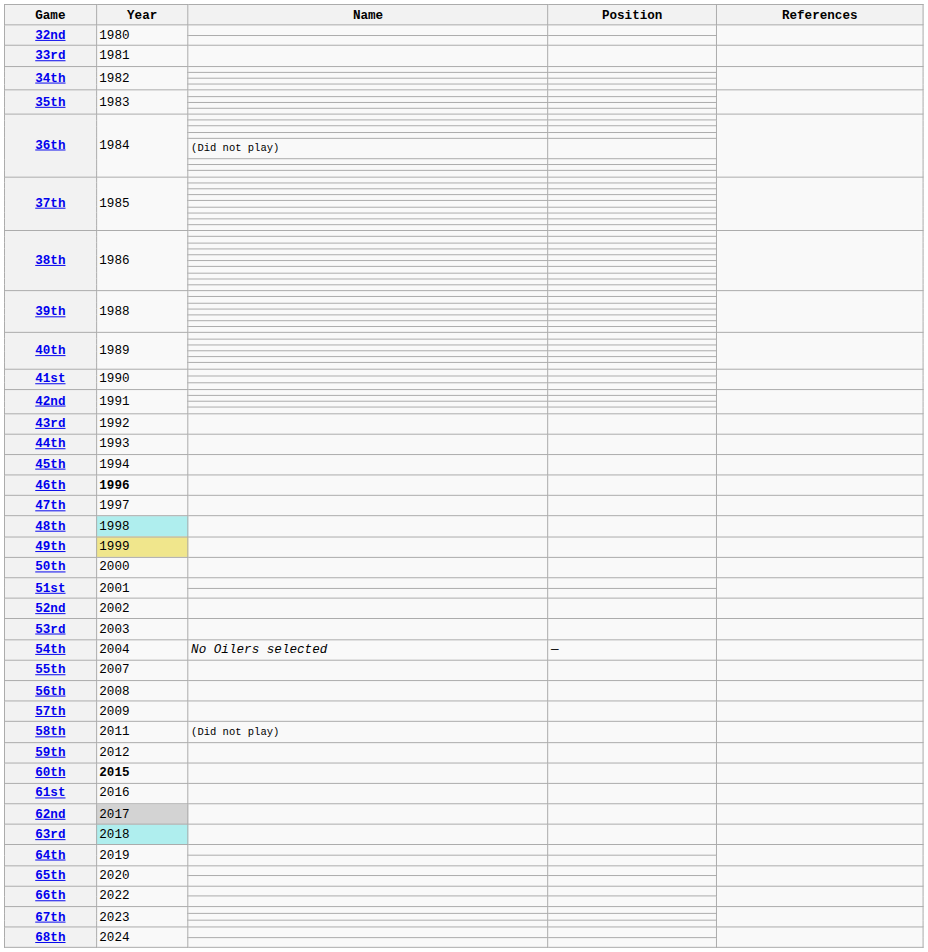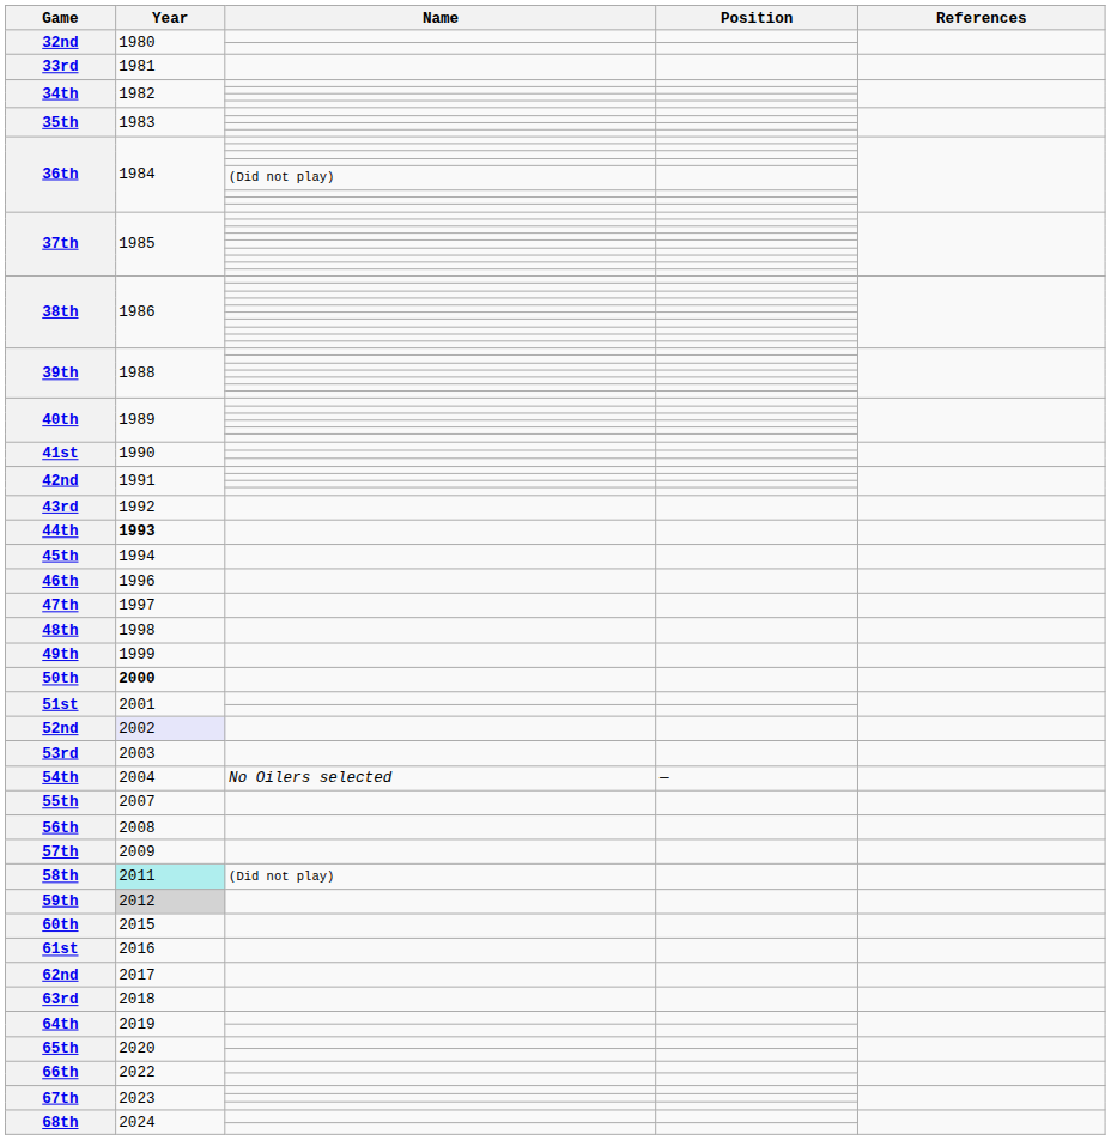 <table class="wikitable sortable" width="75%">
 <tr>
 <th scope="col">Game</th>
 <th scope="col">Year</th>
 <th scope="col">Name</th>
 <th scope="col">Position</th>
 <th scope="col" class="unsortable">References</th>
 </tr>
 <tr>
 <th scope="row" rowspan="2"><a href='#'>32nd</a></th>
 <td rowspan="2">1980</td>
 <td></td>
 <td></td>
 <td rowspan="2"></td>
 </tr>
 <tr>
 <td></td>
 <td></td>
 </tr>
 <tr>
 <th scope="row"><a href='#'>33rd</a></th>
 <td>1981</td>
 <td></td>
 <td></td>
 <td></td>
 </tr>
 <tr>
 <th scope="row" rowspan="4"><a href='#'>34th</a></th>
 <td rowspan="4">1982</td>
 <td></td>
 <td></td>
 <td rowspan="4"></td>
 </tr>
 <tr>
 <td></td>
 <td></td>
 </tr>
 <tr>
 <td></td>
 <td></td>
 </tr>
 <tr>
 <td></td>
 <td></td>
 </tr>
 <tr>
 <th scope="row" rowspan="4"><a href='#'>35th</a></th>
 <td rowspan="4">1983</td>
 <td></td>
 <td></td>
 <td rowspan="4"></td>
 </tr>
 <tr>
 <td></td>
 <td></td>
 </tr>
 <tr>
 <td></td>
 <td></td>
 </tr>
 <tr>
 <td></td>
 <td></td>
 </tr>
 <tr>
 <th scope="row" rowspan="8"><a href='#'>36th</a></th>
 <td rowspan="8">1984</td>
 <td></td>
 <td></td>
 <td rowspan="8"></td>
 </tr>
 <tr>
 <td></td>
 <td></td>
 </tr>
 <tr>
 <td></td>
 <td></td>
 </tr>
 <tr>
 <td></td>
 <td></td>
 </tr>
 <tr>
 <td> <small>(Did not play)</small></td>
 <td></td>
 </tr>
 <tr>
 <td></td>
 <td></td>
 </tr>
 <tr>
 <td></td>
 <td></td>
 </tr>
 <tr>
 <td></td>
 <td></td>
 </tr>
 <tr>
 <th scope="row" rowspan="9"><a href='#'>37th</a></th>
 <td rowspan="9">1985</td>
 <td></td>
 <td></td>
 <td rowspan="9"></td>
 </tr>
 <tr>
 <td></td>
 <td></td>
 </tr>
 <tr>
 <td></td>
 <td></td>
 </tr>
 <tr>
 <td></td>
 <td></td>
 </tr>
 <tr>
 <td></td>
 <td></td>
 </tr>
 <tr>
 <td></td>
 <td></td>
 </tr>
 <tr>
 <td></td>
 <td></td>
 </tr>
 <tr>
 <td></td>
 <td></td>
 </tr>
 <tr>
 <td></td>
 <td></td>
 </tr>
 <tr>
 <th scope="row" rowspan="10"><a href='#'>38th</a></th>
 <td rowspan="10">1986</td>
 <td></td>
 <td></td>
 <td rowspan="10"></td>
 </tr>
 <tr>
 <td></td>
 <td></td>
 </tr>
 <tr>
 <td></td>
 <td></td>
 </tr>
 <tr>
 <td></td>
 <td></td>
 </tr>
 <tr>
 <td></td>
 <td></td>
 </tr>
 <tr>
 <td></td>
 <td></td>
 </tr>
 <tr>
 <td></td>
 <td></td>
 </tr>
 <tr>
 <td></td>
 <td></td>
 </tr>
 <tr>
 <td></td>
 <td></td>
 </tr>
 <tr>
 <td></td>
 <td></td>
 </tr>
 <tr>
 <th scope="row" rowspan="7"><a href='#'>39th</a></th>
 <td rowspan="7">1988</td>
 <td></td>
 <td></td>
 <td rowspan="7"></td>
 </tr>
 <tr>
 <td></td>
 <td></td>
 </tr>
 <tr>
 <td></td>
 <td></td>
 </tr>
 <tr>
 <td></td>
 <td></td>
 </tr>
 <tr>
 <td></td>
 <td></td>
 </tr>
 <tr>
 <td></td>
 <td></td>
 </tr>
 <tr>
 <td></td>
 <td></td>
 </tr>
 <tr>
 <th scope="row" rowspan="6"><a href='#'>40th</a></th>
 <td rowspan="6">1989</td>
 <td></td>
 <td></td>
 <td rowspan="6"></td>
 </tr>
 <tr>
 <td></td>
 <td></td>
 </tr>
 <tr>
 <td></td>
 <td></td>
 </tr>
 <tr>
 <td></td>
 <td></td>
 </tr>
 <tr>
 <td></td>
 <td></td>
 </tr>
 <tr>
 <td></td>
 <td></td>
 </tr>
 <tr>
 <th scope="row" rowspan="3"><a href='#'>41st</a></th>
 <td rowspan="3">1990</td>
 <td></td>
 <td></td>
 <td rowspan="3"></td>
 </tr>
 <tr>
 <td></td>
 <td></td>
 </tr>
 <tr>
 <td></td>
 <td></td>
 </tr>
 <tr>
 <th scope="row" rowspan="4"><a href='#'>42nd</a></th>
 <td rowspan="4">1991</td>
 <td></td>
 <td></td>
 <td rowspan="4"></td>
 </tr>
 <tr>
 <td></td>
 <td></td>
 </tr>
 <tr>
 <td></td>
 <td></td>
 </tr>
 <tr>
 <td></td>
 <td></td>
 </tr>
 <tr>
 <th scope="row"><a href='#'>43rd</a></th>
 <td>1992</td>
 <td></td>
 <td></td>
 <td></td>
 </tr>
 <tr>
 <th scope="row"><a href='#'>44th</a></th>
-<td>1993</td>
+<td><strong>1993</strong></td>
 <td></td>
 <td></td>
 <td></td>
 </tr>
 <tr>
 <th scope="row"><a href='#'>45th</a></th>
 <td>1994</td>
 <td></td>
 <td></td>
 <td></td>
 </tr>
 <tr>
 <th scope="row"><a href='#'>46th</a></th>
-<td><strong>1996</strong></td>
+<td>1996</td>
 <td></td>
 <td></td>
 <td></td>
 </tr>
 <tr>
 <th scope="row"><a href='#'>47th</a></th>
 <td>1997</td>
 <td></td>
 <td></td>
 <td></td>
 </tr>
 <tr>
 <th scope="row"><a href='#'>48th</a></th>
-<td style="background: paleturquoise;">1998</td>
+<td>1998</td>
 <td></td>
 <td></td>
 <td></td>
 </tr>
 <tr>
 <th scope="row"><a href='#'>49th</a></th>
-<td style="background: khaki;">1999</td>
+<td>1999</td>
 <td></td>
 <td></td>
 <td></td>
 </tr>
 <tr>
 <th scope="row"><a href='#'>50th</a></th>
-<td>2000</td>
+<td><strong>2000</strong></td>
 <td></td>
 <td></td>
 <td></td>
 </tr>
 <tr>
 <th scope="row" rowspan="2"><a href='#'>51st</a></th>
 <td rowspan="2">2001</td>
 <td></td>
 <td></td>
 <td rowspan="2"></td>
 </tr>
 <tr>
 <td></td>
 <td></td>
 </tr>
 <tr>
 <th scope="row"><a href='#'>52nd</a></th>
-<td>2002</td>
+<td style="background: lavender;">2002</td>
 <td></td>
 <td></td>
 <td></td>
 </tr>
 <tr>
 <th scope="row"><a href='#'>53rd</a></th>
 <td>2003</td>
 <td></td>
 <td></td>
 <td></td>
 </tr>
 <tr>
 <th scope="row"><a href='#'>54th</a></th>
 <td>2004</td>
 <td><em>No Oilers selected</em></td>
 <td>—</td>
 <td></td>
 </tr>
 <tr>
 <th scope="row"><a href='#'>55th</a></th>
 <td>2007</td>
 <td></td>
 <td></td>
 <td></td>
 </tr>
 <tr>
 <th scope="row"><a href='#'>56th</a></th>
 <td>2008</td>
 <td></td>
 <td></td>
 <td></td>
 </tr>
 <tr>
 <th scope="row"><a href='#'>57th</a></th>
 <td>2009</td>
 <td></td>
 <td></td>
 <td></td>
 </tr>
 <tr>
 <th scope="row"><a href='#'>58th</a></th>
-<td>2011</td>
+<td style="background: paleturquoise;">2011</td>
 <td> <small>(Did not play)</small></td>
 <td></td>
 <td></td>
 </tr>
 <tr>
 <th scope="row"><a href='#'>59th</a></th>
-<td>2012</td>
+<td style="background: lightgrey;">2012</td>
 <td></td>
 <td></td>
 <td></td>
 </tr>
 <tr>
 <th scope="row"><a href='#'>60th</a></th>
-<td><strong>2015</strong></td>
+<td>2015</td>
 <td></td>
 <td></td>
 <td></td>
 </tr>
 <tr>
 <th scope="row"><a href='#'>61st</a></th>
 <td>2016</td>
 <td></td>
 <td></td>
 <td></td>
 </tr>
 <tr>
 <th scope="row"><a href='#'>62nd</a></th>
-<td style="background: lightgrey;">2017</td>
+<td>2017</td>
 <td></td>
 <td></td>
 <td></td>
 </tr>
 <tr>
 <th scope="row"><a href='#'>63rd</a></th>
-<td style="background: paleturquoise;">2018</td>
+<td>2018</td>
 <td></td>
 <td></td>
 <td></td>
 </tr>
 <tr>
 <th scope="row" rowspan="2"><a href='#'>64th</a></th>
 <td rowspan="2">2019</td>
 <td></td>
 <td></td>
 <td rowspan="2"></td>
 </tr>
 <tr>
 <td></td>
 <td></td>
 </tr>
 <tr>
 <th scope="row" rowspan="2"><a href='#'>65th</a></th>
 <td rowspan="2">2020</td>
 <td></td>
 <td></td>
 <td rowspan="2"></td>
 </tr>
 <tr>
 <td></td>
 <td></td>
 </tr>
 <tr>
 <th scope="row" rowspan="2"><a href='#'>66th</a></th>
 <td rowspan="2">2022</td>
 <td></td>
 <td></td>
 <td rowspan="2"></td>
 </tr>
 <tr>
 <td></td>
 <td></td>
 </tr>
 <tr>
 <th scope="row" rowspan="3"><a href='#'>67th</a></th>
 <td rowspan="3">2023</td>
 <td></td>
 <td></td>
 <td rowspan="3"></td>
 </tr>
 <tr>
 <td></td>
 <td></td>
 </tr>
 <tr>
 <td></td>
 <td></td>
 </tr>
 <tr>
 <th scope="row" rowspan="2"><a href='#'>68th</a></th>
 <td rowspan="2">2024</td>
 <td></td>
 <td></td>
 <td rowspan="2"></td>
 </tr>
 <tr>
 <td></td>
 <td></td>
 </tr>
 </table>
